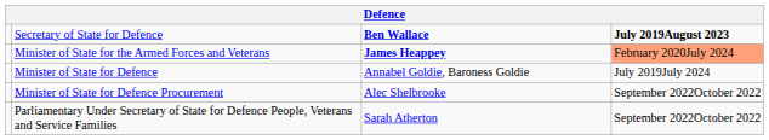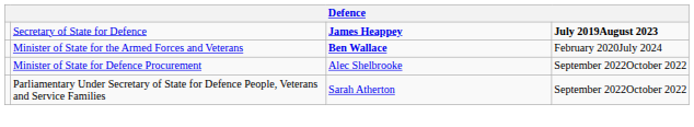 <table class="wikitable">
 <tr>
 <th colspan="4"><a href='#'>Defence</a></th>
 </tr>
 <tr>
 <td style="width: 1px; background: "></td>
 <td style="width: 450px;"><a href='#'>Secretary of State for Defence</a></td>
-<td style="width: 320px;"><strong><a href='#'>Ben Wallace</a></strong></td>
+<td><strong><a href='#'>James Heappey</a></strong></td>
 <td><strong>July 2019August 2023</strong></td>
 </tr>
 <tr>
 <td style="width: 1px; background: "></td>
 <td><a href='#'>Minister of State for the Armed Forces and Veterans</a></td>
-<td><strong><a href='#'>James Heappey</a></strong></td>
-<td style="background: lightsalmon;">February 2020July 2024</td>
-</tr>
-<tr>
-<td style="width: 1px; background: "></td>
-<td style="width: 450px;"><a href='#'>Minister of State for Defence</a></td>
-<td style="width: 320px;"><a href='#'>Annabel Goldie</a>, Baroness Goldie </td>
-<td>July 2019July 2024</td>
+<td style="width: 320px;"><strong><a href='#'>Ben Wallace</a></strong></td>
+<td>February 2020July 2024</td>
 </tr>
 <tr>
 <td rowspan=1 style="width: 1px; background: "></td>
 <td rowspan=1 style="width: 450px;"><a href='#'>Minister of State for Defence Procurement</a></td>
 <td style="width: 320px;"><a href='#'>Alec Shelbrooke</a></td>
 <td>September 2022October 2022</td>
 </tr>
 <tr>
 <td rowspan="1" style="width: 1px; background: "></td>
 <td>Parliamentary Under Secretary of State for Defence People, Veterans and Service Families</td>
 <td><a href='#'>Sarah Atherton</a></td>
 <td>September 2022October 2022</td>
 </tr>
 </table>
